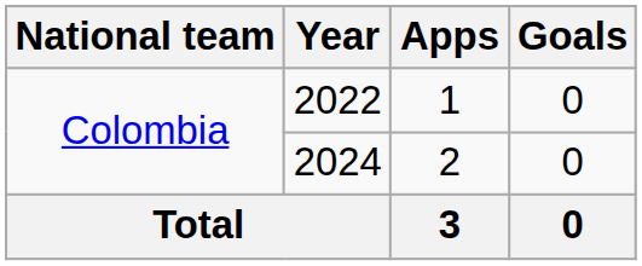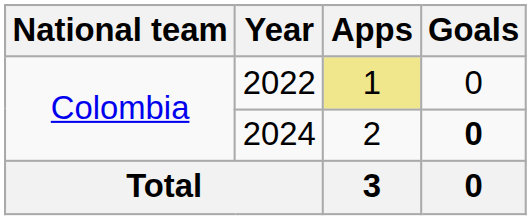 <table class="wikitable" style="text-align:center">
 <tr>
 <th>National team</th>
 <th>Year</th>
 <th>Apps</th>
 <th>Goals</th>
 </tr>
 <tr>
 <td rowspan=2><a href='#'>Colombia</a></td>
 <td>2022</td>
-<td>1</td>
+<td style="background: khaki;">1</td>
 <td>0</td>
 </tr>
 <tr>
 <td>2024</td>
 <td>2</td>
-<td>0</td>
+<td><strong>0</strong></td>
 </tr>
 <tr>
 <th colspan=2>Total</th>
 <th>3</th>
 <th>0</th>
 </tr>
 </table>
